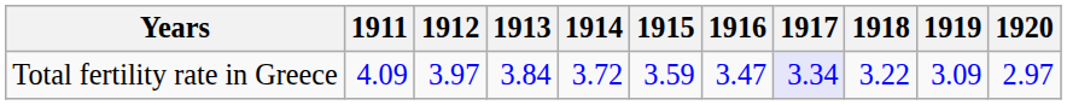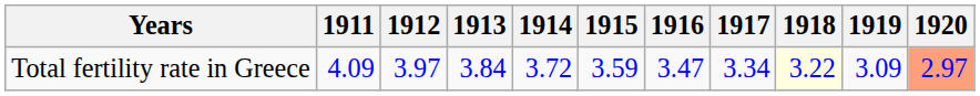 <table class="wikitable " style="text-align:right">
 <tr>
 <th>Years</th>
 <th>1911</th>
 <th>1912</th>
 <th>1913</th>
 <th>1914</th>
 <th>1915</th>
 <th>1916</th>
 <th>1917</th>
 <th>1918</th>
 <th>1919</th>
 <th>1920</th>
 </tr>
 <tr>
 <td align="left">Total fertility rate in Greece</td>
 <td style="text-align:right; color:blue;">4.09</td>
 <td style="text-align:right; color:blue;">3.97</td>
 <td style="text-align:right; color:blue;">3.84</td>
 <td style="text-align:right; color:blue;">3.72</td>
 <td style="text-align:right; color:blue;">3.59</td>
 <td style="text-align:right; color:blue;">3.47</td>
-<td style="background: lavender; text-align:right; color:blue;">3.34</td>
-<td style="text-align:right; color:blue;">3.22</td>
+<td style="text-align:right; color:blue;">3.34</td>
+<td style="background: lightyellow; text-align:right; color:blue;">3.22</td>
 <td style="text-align:right; color:blue;">3.09</td>
-<td style="text-align:right; color:blue;">2.97</td>
+<td style="background: lightsalmon; text-align:right; color:blue;">2.97</td>
 </tr>
 </table>
